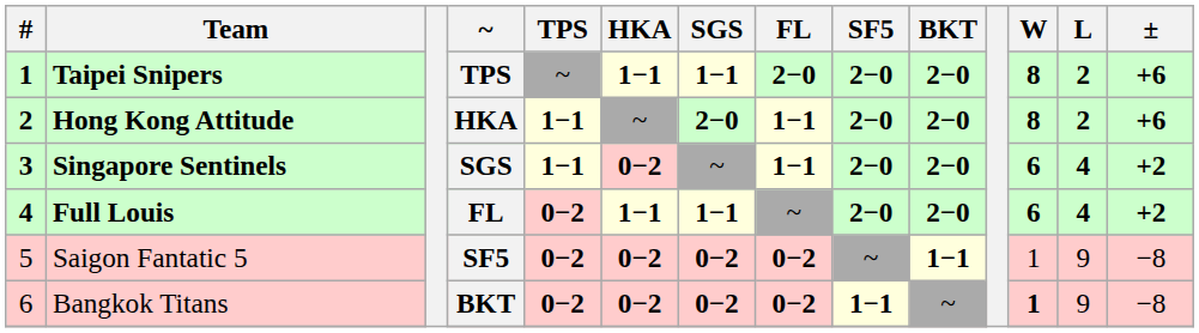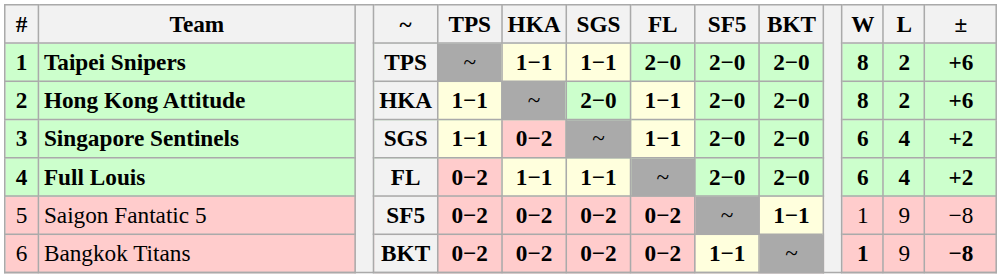 <table class="wikitable" style="font-size: 95%; text-align: center">
 <tr>
 <th width="15">#</th>
 <th style="width:200px;">Team</th>
 <th rowspan="10" style="width:5px;;"></th>
 <th>~</th>
 <th style="width:35px;" title="">TPS</th>
 <th style="width:35px;" title="">HKA</th>
 <th style="width:35px;" title="">SGS</th>
 <th style="width:35px;" title="">FL</th>
 <th style="width:35px;" title="">SF5</th>
 <th style="width:35px;" title="">BKT</th>
 <th rowspan="10" style="width:5px;;"></th>
 <th style="width:20px;" title="Wins">W</th>
 <th style="width:20px;" title="Losses">L</th>
 <th style="width:40px;">±</th>
 </tr>
 <tr style="background:#cfc;">
 <td><strong>1</strong></td>
 <td style="text-align: left"> <strong>Taipei Snipers</strong></td>
 <th>TPS</th>
 <td style="background-color:#aaaaaa">~</td>
 <td style="background-color:#ffd;"><strong>1−1</strong></td>
 <td style="background-color:#ffd;"><strong>1−1</strong></td>
 <td style="background-color:#ccffcc"><strong>2−0</strong></td>
 <td style="background-color:#ccffcc"><strong>2−0</strong></td>
 <td style="background-color:#ccffcc"><strong>2−0</strong></td>
 <td><strong>8</strong></td>
 <td><strong>2</strong></td>
 <td><strong>+6</strong></td>
 </tr>
 <tr style="background:#cfc;">
 <td><strong>2</strong></td>
 <td style="text-align: left"> <strong>Hong Kong Attitude</strong></td>
 <th>HKA</th>
 <td style="background-color:#ffd;"><strong>1−1</strong></td>
 <td style="background-color:#aaaaaa">~</td>
 <td style="background-color:#ccffcc"><strong>2−0</strong></td>
 <td style="background-color:#ffd;"><strong>1−1</strong></td>
 <td style="background-color:#ccffcc"><strong>2−0</strong></td>
 <td style="background-color:#ccffcc"><strong>2−0</strong></td>
 <td><strong>8</strong></td>
 <td><strong>2</strong></td>
 <td><strong>+6</strong></td>
 </tr>
 <tr style="background:#cfc;">
 <td><strong>3</strong></td>
 <td style="text-align: left"> <strong>Singapore Sentinels</strong></td>
 <th>SGS</th>
 <td style="background-color:#ffd;"><strong>1−1</strong></td>
 <td style="background-color:#ffcccc"><strong>0−2</strong></td>
 <td style="background-color:#aaaaaa">~</td>
 <td style="background-color:#ffd;"><strong>1−1</strong></td>
 <td style="background-color:#ccffcc"><strong>2−0</strong></td>
 <td style="background-color:#ccffcc"><strong>2−0</strong></td>
 <td><strong>6</strong></td>
 <td><strong>4</strong></td>
 <td><strong>+2</strong></td>
 </tr>
 <tr style="background:#cfc;">
 <td><strong>4</strong></td>
 <td style="text-align: left"> <strong>Full Louis</strong></td>
 <th>FL</th>
 <td style="background-color:#ffcccc"><strong>0−2</strong></td>
 <td style="background-color:#ffd;"><strong>1−1</strong></td>
 <td style="background-color:#ffd;"><strong>1−1</strong></td>
 <td style="background-color:#aaaaaa">~</td>
 <td style="background-color:#ccffcc"><strong>2−0</strong></td>
 <td style="background-color:#ccffcc"><strong>2−0</strong></td>
 <td><strong>6</strong></td>
 <td><strong>4</strong></td>
 <td><strong>+2</strong></td>
 </tr>
 <tr style="background-color:#ffcccc">
 <td>5</td>
 <td style="text-align: left"> Saigon Fantatic 5</td>
 <th>SF5</th>
 <td style="background-color:#ffcccc"><strong>0−2</strong></td>
 <td style="background-color:#ffcccc"><strong>0−2</strong></td>
 <td style="background-color:#ffcccc"><strong>0−2</strong></td>
 <td style="background-color:#ffcccc"><strong>0−2</strong></td>
 <td style="background-color:#aaaaaa">~</td>
 <td style="background-color:#ffd;"><strong>1−1</strong></td>
 <td>1</td>
 <td>9</td>
 <td>−8</td>
 </tr>
 <tr style="background-color:#ffcccc">
 <td>6</td>
 <td style="text-align: left"> ⁠⁠Bangkok Titans</td>
 <th>BKT</th>
 <td style="background-color:#ffcccc"><strong>0−2</strong></td>
 <td style="background-color:#ffcccc"><strong>0−2</strong></td>
 <td style="background-color:#ffcccc"><strong>0−2</strong></td>
 <td style="background-color:#ffcccc"><strong>0−2</strong></td>
 <td style="background-color:#ffd;"><strong>1−1</strong></td>
 <td style="background-color:#aaaaaa">~</td>
 <td><strong>1</strong></td>
 <td>9</td>
-<td>−8</td>
+<td><strong>−8</strong></td>
 </tr>
 <tr>
 </tr>
 </table>
